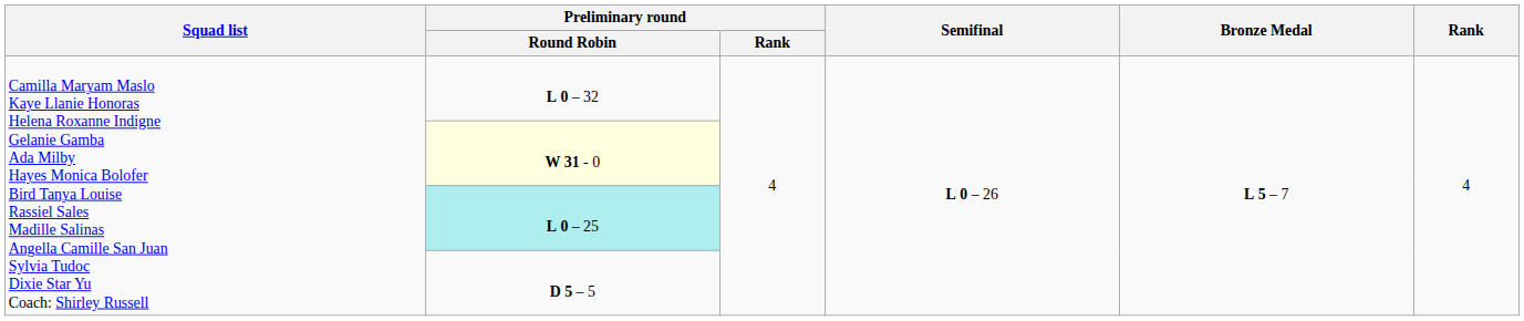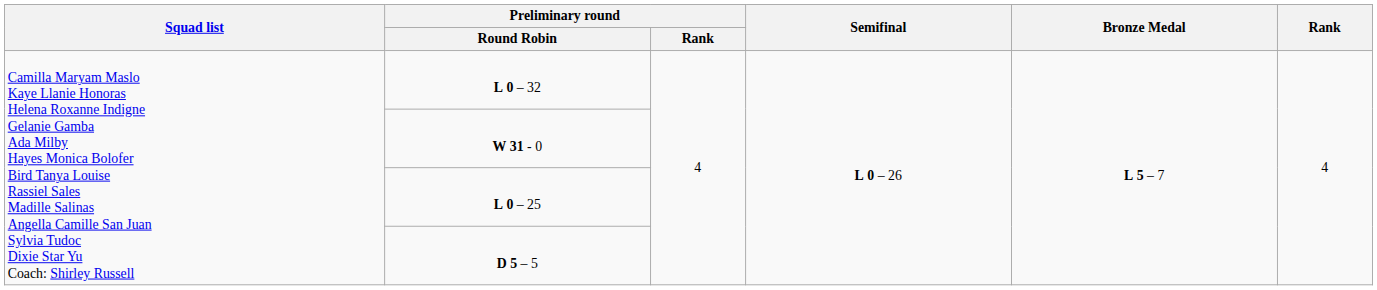 <table class="wikitable" width="90%" style="text-align:left; font-size:90%">
 <tr>
 <th rowspan="2" width="20%"><a href='#'>Squad list</a></th>
 <th colspan="2">Preliminary round</th>
 <th rowspan="2" width="14%">Semifinal</th>
 <th rowspan="2" width="14%">Bronze Medal</th>
 <th rowspan="2" width="5%">Rank</th>
 </tr>
 <tr>
 <th width="14%">Round Robin</th>
 <th width="5%">Rank</th>
 </tr>
 <tr>
 <td rowspan="4"><br><a href='#'>Camilla Maryam Maslo</a><br> <a href='#'>Kaye Llanie Honoras</a><br> <a href='#'>Helena Roxanne Indigne</a><br> <a href='#'>Gelanie Gamba</a> <br> <a href='#'>Ada Milby</a> <br> <a href='#'>Hayes Monica Bolofer</a> <br> <a href='#'>Bird Tanya Louise</a><br> <a href='#'>Rassiel Sales</a><br> <a href='#'>Madille Salinas</a><br> <a href='#'>Angella Camille San Juan</a><br> <a href='#'>Sylvia Tudoc</a><br> <a href='#'>Dixie Star Yu</a> <br> Coach:  <a href='#'>Shirley Russell</a></td>
 <td align=center><br> <strong>L</strong> <strong>0</strong> – 32</td>
 <td rowspan=4 align=center>4 <strong></strong></td>
 <td rowspan=4 align=center> <br> <strong>L</strong> <strong>0</strong> – 26</td>
 <td rowspan=4 align=center> <br> <strong>L</strong> <strong>5</strong> – 7</td>
 <td rowspan=4 align=center>4</td>
 </tr>
 <tr>
-<td align=center style="background: lightyellow;"><br> <strong>W</strong> <strong>31</strong> - 0</td>
+<td align=center><br> <strong>W</strong> <strong>31</strong> - 0</td>
 </tr>
 <tr>
-<td align=center style="background: paleturquoise;"><br> <strong>L</strong> <strong>0</strong> – 25</td>
+<td align=center><br> <strong>L</strong> <strong>0</strong> – 25</td>
 </tr>
 <tr>
 <td align=center><br> <strong>D</strong> <strong>5</strong> – 5</td>
 </tr>
 </table>
